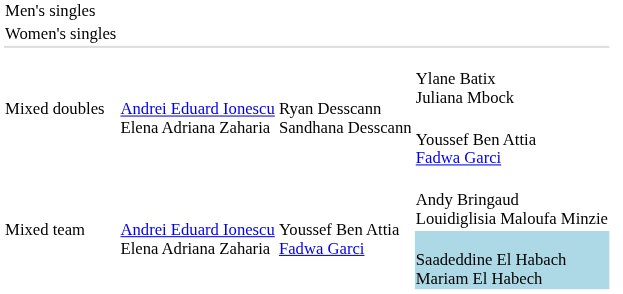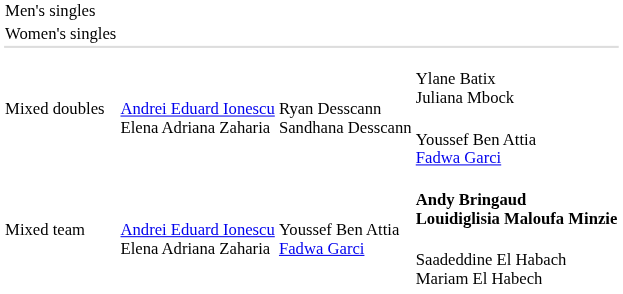 <table>
 <tr>
 <td rowspan=2>Men's singles</td>
 <td rowspan=2></td>
 <td rowspan=2 nowrap></td>
 <td></td>
 </tr>
 <tr>
 <td></td>
 </tr>
 <tr>
 <td rowspan=2>Women's singles</td>
 <td rowspan=2></td>
 <td rowspan=2></td>
 <td></td>
 </tr>
 <tr>
 <td></td>
 </tr>
 <tr bgcolor=#dddddd>
 <td colspan=4></td>
 </tr>
 <tr>
 <td rowspan=2>Mixed doubles</td>
 <td rowspan=2><br><a href='#'>Andrei Eduard Ionescu</a><br>Elena Adriana Zaharia</td>
 <td rowspan=2><br>Ryan Desscann<br>Sandhana Desscann</td>
 <td><br>Ylane Batix<br>Juliana Mbock</td>
 </tr>
 <tr>
 <td><br>Youssef Ben Attia<br><a href='#'>Fadwa Garci</a></td>
 </tr>
 <tr>
 <td rowspan=2>Mixed team</td>
 <td rowspan=2 nowrap><br><a href='#'>Andrei Eduard Ionescu</a><br>Elena Adriana Zaharia</td>
 <td rowspan=2><br>Youssef Ben Attia<br><a href='#'>Fadwa Garci</a></td>
-<td nowrap><br>Andy Bringaud<br>Louidiglisia Maloufa Minzie</td>
+<td nowrap><strong><br>Andy Bringaud<br>Louidiglisia Maloufa Minzie</strong></td>
 </tr>
 <tr>
-<td style="background: lightblue;"><br>Saadeddine El Habach<br>Mariam El Habech</td>
+<td><br>Saadeddine El Habach<br>Mariam El Habech</td>
 </tr>
 </table>
